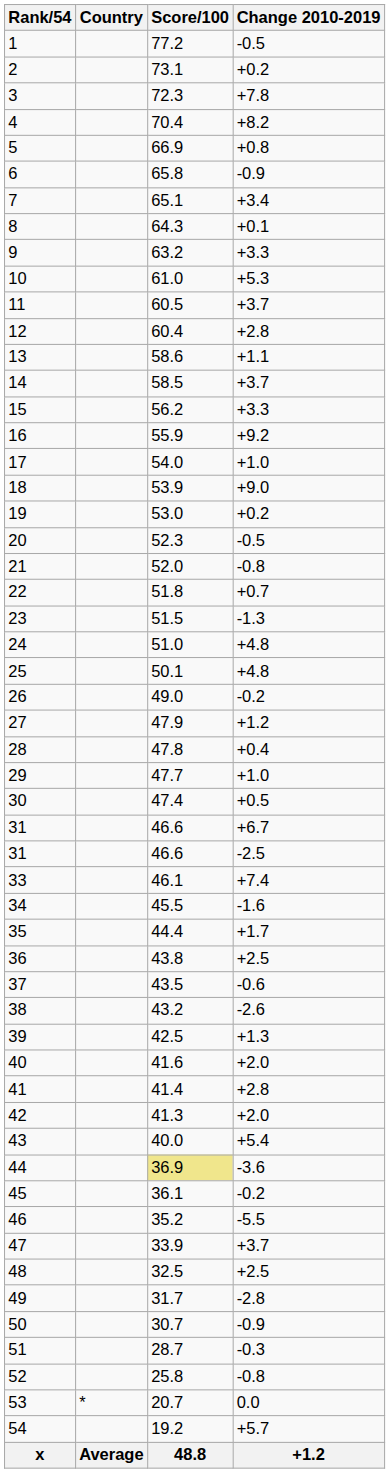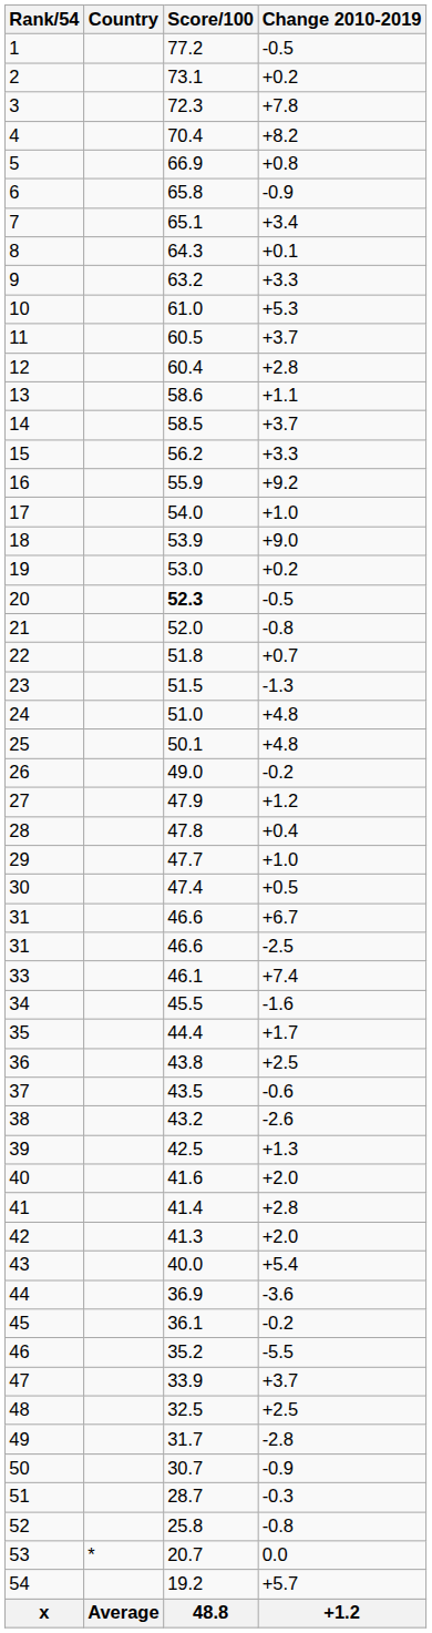 <table class="wikitable">
 <tr>
 <th>Rank/54</th>
 <th>Country</th>
 <th>Score/100</th>
 <th>Change 2010-2019</th>
 </tr>
 <tr>
 <td>1</td>
 <td></td>
 <td>77.2</td>
 <td> -0.5</td>
 </tr>
 <tr>
 <td>2</td>
 <td></td>
 <td>73.1</td>
 <td> +0.2</td>
 </tr>
 <tr>
 <td>3</td>
 <td></td>
 <td>72.3</td>
 <td> +7.8</td>
 </tr>
 <tr>
 <td>4</td>
 <td></td>
 <td>70.4</td>
 <td> +8.2</td>
 </tr>
 <tr>
 <td>5</td>
 <td></td>
 <td>66.9</td>
 <td> +0.8</td>
 </tr>
 <tr>
 <td>6</td>
 <td></td>
 <td>65.8</td>
 <td> -0.9</td>
 </tr>
 <tr>
 <td>7</td>
 <td></td>
 <td>65.1</td>
 <td> +3.4</td>
 </tr>
 <tr>
 <td>8</td>
 <td></td>
 <td>64.3</td>
 <td> +0.1</td>
 </tr>
 <tr>
 <td>9</td>
 <td></td>
 <td>63.2</td>
 <td> +3.3</td>
 </tr>
 <tr>
 <td>10</td>
 <td></td>
 <td>61.0</td>
 <td> +5.3</td>
 </tr>
 <tr>
 <td>11</td>
 <td></td>
 <td>60.5</td>
 <td> +3.7</td>
 </tr>
 <tr>
 <td>12</td>
 <td></td>
 <td>60.4</td>
 <td> +2.8</td>
 </tr>
 <tr>
 <td>13</td>
 <td></td>
 <td>58.6</td>
 <td> +1.1</td>
 </tr>
 <tr>
 <td>14</td>
 <td></td>
 <td>58.5</td>
 <td> +3.7</td>
 </tr>
 <tr>
 <td>15</td>
 <td></td>
 <td>56.2</td>
 <td> +3.3</td>
 </tr>
 <tr>
 <td>16</td>
 <td></td>
 <td>55.9</td>
 <td> +9.2</td>
 </tr>
 <tr>
 <td>17</td>
 <td></td>
 <td>54.0</td>
 <td> +1.0</td>
 </tr>
 <tr>
 <td>18</td>
 <td></td>
 <td>53.9</td>
 <td> +9.0</td>
 </tr>
 <tr>
 <td>19</td>
 <td></td>
 <td>53.0</td>
 <td> +0.2</td>
 </tr>
 <tr>
 <td>20</td>
 <td></td>
-<td>52.3</td>
+<td><strong>52.3</strong></td>
 <td> -0.5</td>
 </tr>
 <tr>
 <td>21</td>
 <td></td>
 <td>52.0</td>
 <td> -0.8</td>
 </tr>
 <tr>
 <td>22</td>
 <td></td>
 <td>51.8</td>
 <td> +0.7</td>
 </tr>
 <tr>
 <td>23</td>
 <td></td>
 <td>51.5</td>
 <td> -1.3</td>
 </tr>
 <tr>
 <td>24</td>
 <td></td>
 <td>51.0</td>
 <td> +4.8</td>
 </tr>
 <tr>
 <td>25</td>
 <td></td>
 <td>50.1</td>
 <td> +4.8</td>
 </tr>
 <tr>
 <td>26</td>
 <td></td>
 <td>49.0</td>
 <td> -0.2</td>
 </tr>
 <tr>
 <td>27</td>
 <td></td>
 <td>47.9</td>
 <td> +1.2</td>
 </tr>
 <tr>
 <td>28</td>
 <td></td>
 <td>47.8</td>
 <td> +0.4</td>
 </tr>
 <tr>
 <td>29</td>
 <td></td>
 <td>47.7</td>
 <td> +1.0</td>
 </tr>
 <tr>
 <td>30</td>
 <td></td>
 <td>47.4</td>
 <td> +0.5</td>
 </tr>
 <tr>
 <td>31</td>
 <td></td>
 <td>46.6</td>
 <td> +6.7</td>
 </tr>
 <tr>
 <td>31</td>
 <td></td>
 <td>46.6</td>
 <td> -2.5</td>
 </tr>
 <tr>
 <td>33</td>
 <td></td>
 <td>46.1</td>
 <td> +7.4</td>
 </tr>
 <tr>
 <td>34</td>
 <td></td>
 <td>45.5</td>
 <td> -1.6</td>
 </tr>
 <tr>
 <td>35</td>
 <td></td>
 <td>44.4</td>
 <td> +1.7</td>
 </tr>
 <tr>
 <td>36</td>
 <td></td>
 <td>43.8</td>
 <td> +2.5</td>
 </tr>
 <tr>
 <td>37</td>
 <td></td>
 <td>43.5</td>
 <td> -0.6</td>
 </tr>
 <tr>
 <td>38</td>
 <td></td>
 <td>43.2</td>
 <td> -2.6</td>
 </tr>
 <tr>
 <td>39</td>
 <td></td>
 <td>42.5</td>
 <td> +1.3</td>
 </tr>
 <tr>
 <td>40</td>
 <td></td>
 <td>41.6</td>
 <td> +2.0</td>
 </tr>
 <tr>
 <td>41</td>
 <td></td>
 <td>41.4</td>
 <td> +2.8</td>
 </tr>
 <tr>
 <td>42</td>
 <td></td>
 <td>41.3</td>
 <td> +2.0</td>
 </tr>
 <tr>
 <td>43</td>
 <td></td>
 <td>40.0</td>
 <td> +5.4</td>
 </tr>
 <tr>
 <td>44</td>
 <td></td>
-<td style="background: khaki;">36.9</td>
+<td>36.9</td>
 <td> -3.6</td>
 </tr>
 <tr>
 <td>45</td>
 <td></td>
 <td>36.1</td>
 <td> -0.2</td>
 </tr>
 <tr>
 <td>46</td>
 <td></td>
 <td>35.2</td>
 <td> -5.5</td>
 </tr>
 <tr>
 <td>47</td>
 <td></td>
 <td>33.9</td>
 <td> +3.7</td>
 </tr>
 <tr>
 <td>48</td>
 <td></td>
 <td>32.5</td>
 <td> +2.5</td>
 </tr>
 <tr>
 <td>49</td>
 <td></td>
 <td>31.7</td>
 <td> -2.8</td>
 </tr>
 <tr>
 <td>50</td>
 <td></td>
 <td>30.7</td>
 <td> -0.9</td>
 </tr>
 <tr>
 <td>51</td>
 <td></td>
 <td>28.7</td>
 <td> -0.3</td>
 </tr>
 <tr>
 <td>52</td>
 <td></td>
 <td>25.8</td>
 <td> -0.8</td>
 </tr>
 <tr>
 <td>53</td>
 <td>*</td>
 <td>20.7</td>
 <td>0.0</td>
 </tr>
 <tr>
 <td>54</td>
 <td></td>
 <td>19.2</td>
 <td> +5.7</td>
 </tr>
 <tr>
 <th>x</th>
 <th>Average</th>
 <th>48.8</th>
 <th> +1.2</th>
 </tr>
 </table>
